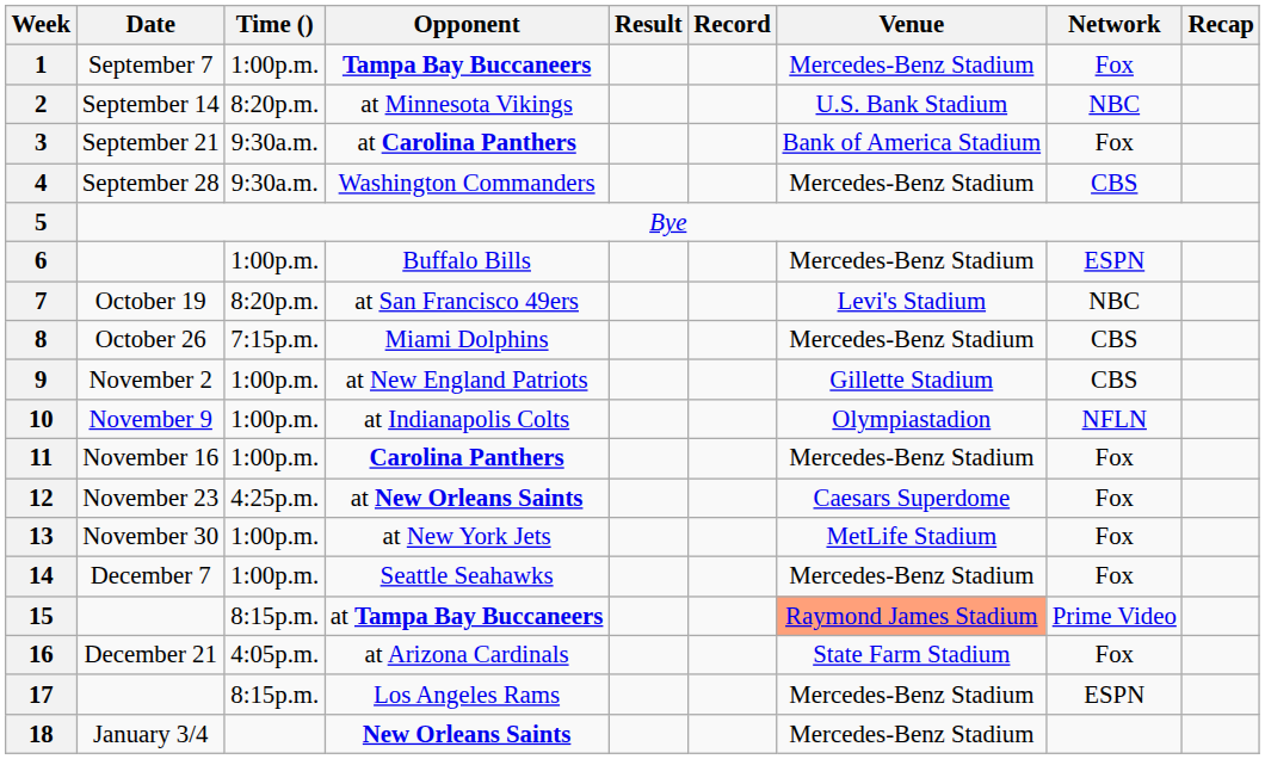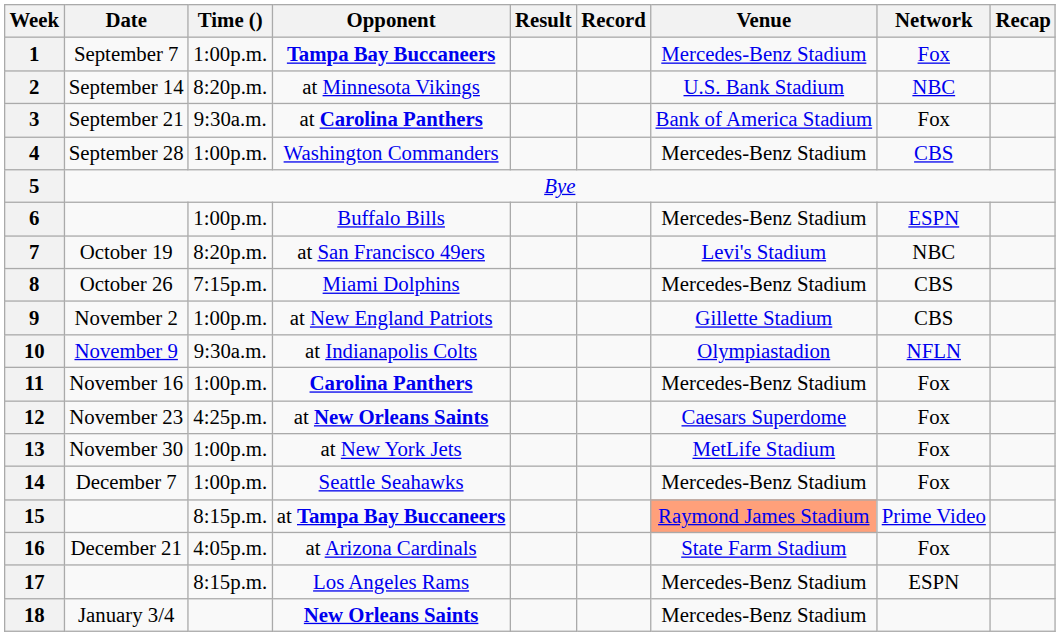 <table class="wikitable" style="text-align:center">
 <tr>
 <th>Week</th>
 <th>Date</th>
 <th>Time (<a href='#'></a>)</th>
 <th>Opponent</th>
 <th>Result</th>
 <th>Record</th>
 <th>Venue</th>
 <th>Network</th>
 <th>Recap</th>
 </tr>
 <tr>
 <th>1 </th>
 <td>September 7</td>
 <td>1:00p.m.</td>
 <td><strong><a href='#'>Tampa Bay Buccaneers</a></strong></td>
 <td></td>
 <td></td>
 <td><a href='#'>Mercedes-Benz Stadium</a></td>
 <td><a href='#'>Fox</a></td>
 <td></td>
 </tr>
 <tr>
 <th>2 </th>
 <td>September 14</td>
 <td>8:20p.m.</td>
 <td>at <a href='#'>Minnesota Vikings</a></td>
 <td></td>
 <td></td>
 <td><a href='#'>U.S. Bank Stadium</a></td>
 <td><a href='#'>NBC</a></td>
 <td></td>
 </tr>
 <tr>
 <th>3 </th>
 <td>September 21</td>
 <td>9:30a.m.</td>
 <td>at <strong><a href='#'>Carolina Panthers</a></strong></td>
 <td></td>
 <td></td>
 <td><a href='#'>Bank of America Stadium</a></td>
 <td>Fox</td>
 <td></td>
 </tr>
 <tr>
 <th>4 </th>
 <td>September 28</td>
-<td>9:30a.m.</td>
+<td>1:00p.m.</td>
 <td><a href='#'>Washington Commanders</a></td>
 <td></td>
 <td></td>
 <td>Mercedes-Benz Stadium</td>
 <td><a href='#'>CBS</a></td>
 <td></td>
 </tr>
 <tr>
 <th>5</th>
 <td colspan=8><em><a href='#'>Bye</a></em></td>
 </tr>
 <tr>
 <th>6 </th>
 <td></td>
 <td>1:00p.m.</td>
 <td><a href='#'>Buffalo Bills</a></td>
 <td></td>
 <td></td>
 <td>Mercedes-Benz Stadium</td>
 <td><a href='#'>ESPN</a></td>
 <td></td>
 </tr>
 <tr>
 <th>7 </th>
 <td>October 19</td>
 <td>8:20p.m.</td>
 <td>at <a href='#'>San Francisco 49ers</a></td>
 <td></td>
 <td></td>
 <td><a href='#'>Levi's Stadium</a></td>
 <td>NBC</td>
 <td></td>
 </tr>
 <tr>
 <th>8 </th>
 <td>October 26</td>
 <td>7:15p.m.</td>
 <td><a href='#'>Miami Dolphins</a></td>
 <td></td>
 <td></td>
 <td>Mercedes-Benz Stadium</td>
 <td>CBS</td>
 <td></td>
 </tr>
 <tr>
 <th>9 </th>
 <td>November 2</td>
 <td>1:00p.m.</td>
 <td>at <a href='#'>New England Patriots</a></td>
 <td></td>
 <td></td>
 <td><a href='#'>Gillette Stadium</a></td>
 <td>CBS</td>
 <td></td>
 </tr>
 <tr>
 <th>10 </th>
 <td><a href='#'>November 9</a></td>
-<td>1:00p.m.</td>
+<td>9:30a.m.</td>
 <td>at <a href='#'>Indianapolis Colts</a></td>
 <td></td>
 <td></td>
 <td> <a href='#'>Olympiastadion</a> </td>
 <td><a href='#'>NFLN</a></td>
 <td></td>
 </tr>
 <tr>
 <th>11 </th>
 <td>November 16</td>
 <td>1:00p.m.</td>
 <td><strong><a href='#'>Carolina Panthers</a></strong></td>
 <td></td>
 <td></td>
 <td>Mercedes-Benz Stadium</td>
 <td>Fox</td>
 <td></td>
 </tr>
 <tr>
 <th>12 </th>
 <td>November 23</td>
 <td>4:25p.m.</td>
 <td>at <strong><a href='#'>New Orleans Saints</a></strong></td>
 <td></td>
 <td></td>
 <td><a href='#'>Caesars Superdome</a></td>
 <td>Fox</td>
 <td></td>
 </tr>
 <tr>
 <th>13 </th>
 <td>November 30</td>
 <td>1:00p.m.</td>
 <td>at <a href='#'>New York Jets</a></td>
 <td></td>
 <td></td>
 <td><a href='#'>MetLife Stadium</a></td>
 <td>Fox</td>
 <td></td>
 </tr>
 <tr>
 <th>14 </th>
 <td>December 7</td>
 <td>1:00p.m.</td>
 <td><a href='#'>Seattle Seahawks</a></td>
 <td></td>
 <td></td>
 <td>Mercedes-Benz Stadium</td>
 <td>Fox</td>
 <td></td>
 </tr>
 <tr>
 <th>15 </th>
 <td></td>
 <td>8:15p.m.</td>
 <td>at <strong><a href='#'>Tampa Bay Buccaneers</a></strong></td>
 <td></td>
 <td></td>
 <td style="background: lightsalmon;"><a href='#'>Raymond James Stadium</a></td>
 <td><a href='#'>Prime Video</a></td>
 <td></td>
 </tr>
 <tr>
 <th>16 </th>
 <td>December 21</td>
 <td>4:05p.m.</td>
 <td>at <a href='#'>Arizona Cardinals</a></td>
 <td></td>
 <td></td>
 <td><a href='#'>State Farm Stadium</a></td>
 <td>Fox</td>
 <td></td>
 </tr>
 <tr>
 <th>17 </th>
 <td></td>
 <td>8:15p.m.</td>
 <td><a href='#'>Los Angeles Rams</a></td>
 <td></td>
 <td></td>
 <td>Mercedes-Benz Stadium</td>
 <td>ESPN</td>
 <td></td>
 </tr>
 <tr>
 <th>18 </th>
 <td>January 3/4</td>
 <td></td>
 <td><strong><a href='#'>New Orleans Saints</a></strong></td>
 <td></td>
 <td></td>
 <td>Mercedes-Benz Stadium</td>
 <td></td>
 <td></td>
 </tr>
 </table>
